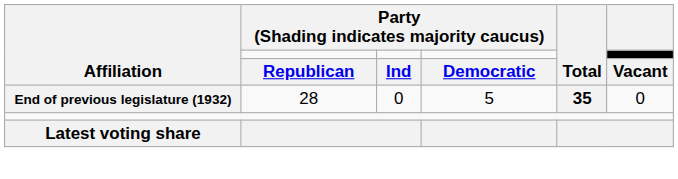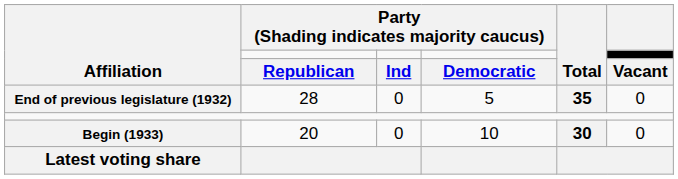 <table class=wikitable style="text-align:center; width:50%">
 <tr style="vertical-align:bottom;">
 <th rowspan=3>Affiliation</th>
 <th colspan=3>Party <div>(Shading indicates majority caucus)</div></th>
 <th rowspan=3>Total</th>
 <th></th>
 </tr>
 <tr style="height:5px">
 <td style="background-color:"></td>
 <td style="background-color:"></td>
 <td style="background-color:"></td>
 <td style="background-color:black"></td>
 </tr>
 <tr>
 <th><a href='#'>Republican</a></th>
 <th><a href='#'>Ind</a></th>
 <th><a href='#'>Democratic</a></th>
 <th>Vacant</th>
 </tr>
 <tr>
 <th nowrap style="font-size:80%">End of previous legislature (1932)</th>
 <td>28</td>
 <td>0</td>
 <td>5</td>
 <th>35</th>
 <td>0</td>
 </tr>
 <tr>
 <td colspan=6></td>
 </tr>
 <tr>
+<th nowrap style="font-size:80%">Begin (1933)</th>
+<td>20</td>
+<td>0</td>
+<td>10</td>
+<th>30</th>
+<td>0</td>
+</tr>
+<tr>
 <th>Latest voting share</th>
 <th colspan=2 ></th>
 <th></th>
 <th colspan=2></th>
 </tr>
 </table>
